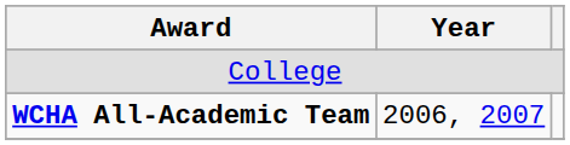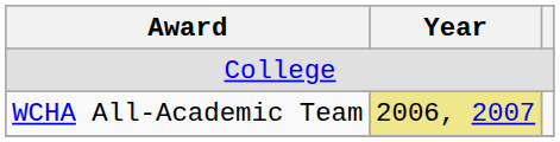 <table class="wikitable">
 <tr>
 <th>Award</th>
 <th>Year</th>
 <th></th>
 </tr>
 <tr ALIGN="center" bgcolor="#e0e0e0">
 <td colspan="3"><a href='#'>College</a></td>
 </tr>
 <tr>
-<td><strong><a href='#'>WCHA</a> All-Academic Team</strong></td>
-<td>2006, <a href='#'>2007</a></td>
+<td><a href='#'>WCHA</a> All-Academic Team</td>
+<td style="background: khaki;">2006, <a href='#'>2007</a></td>
 <td></td>
 </tr>
 <tr>
 </tr>
 </table>
